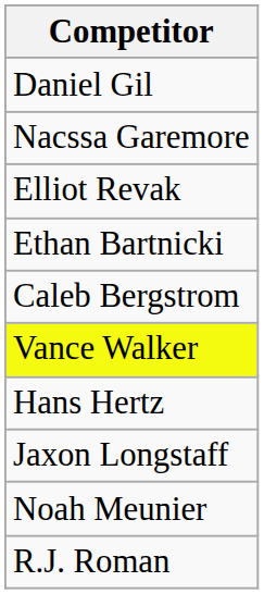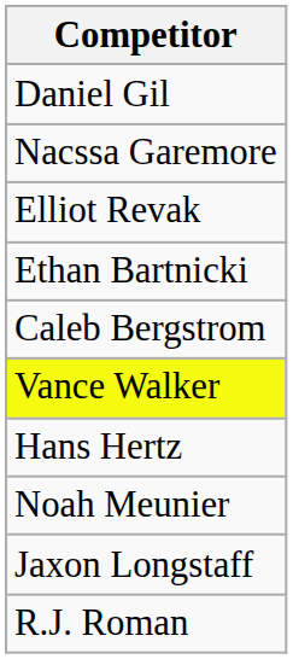 <table class="wikitable sortable collapsible inline-table">
 <tr>
 <th>Competitor</th>
 </tr>
 <tr>
 <td>Daniel Gil</td>
 </tr>
 <tr>
 <td>Nacssa Garemore</td>
 </tr>
 <tr>
 <td>Elliot Revak</td>
 </tr>
 <tr>
 <td>Ethan Bartnicki</td>
 </tr>
 <tr>
 <td>Caleb Bergstrom</td>
 </tr>
 <tr>
 <td style="background-color:#F4FB0E">Vance Walker</td>
 </tr>
 <tr>
 <td>Hans Hertz</td>
 </tr>
 <tr>
-<td>Jaxon Longstaff</td>
+<td>Noah Meunier</td>
 </tr>
 <tr>
-<td>Noah Meunier</td>
+<td>Jaxon Longstaff</td>
 </tr>
 <tr>
 <td>R.J. Roman</td>
 </tr>
 </table>
